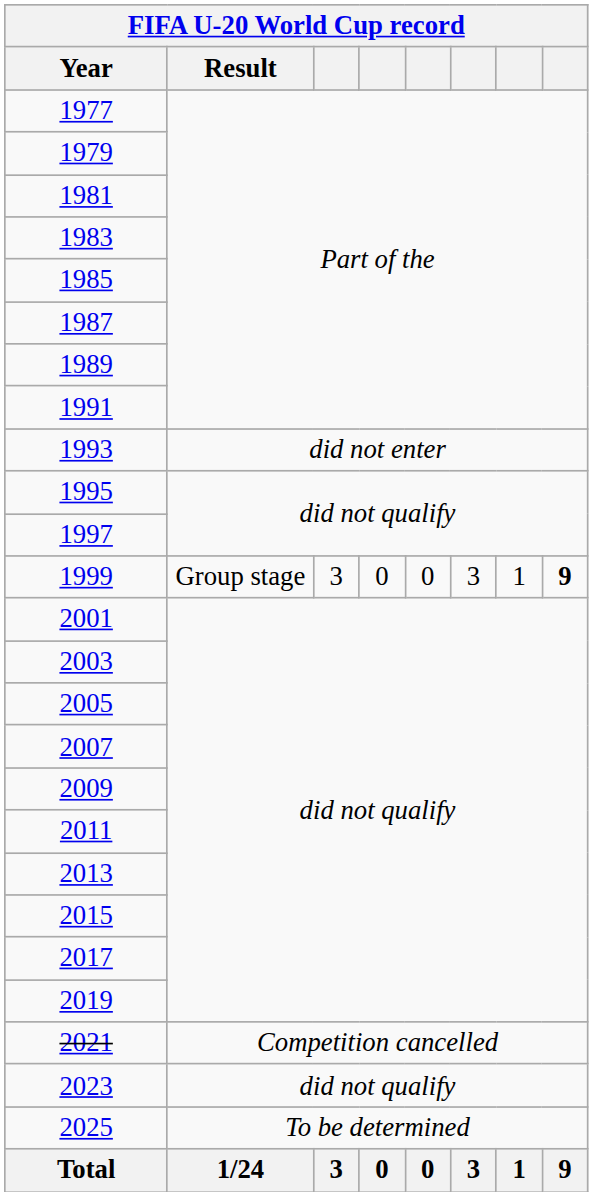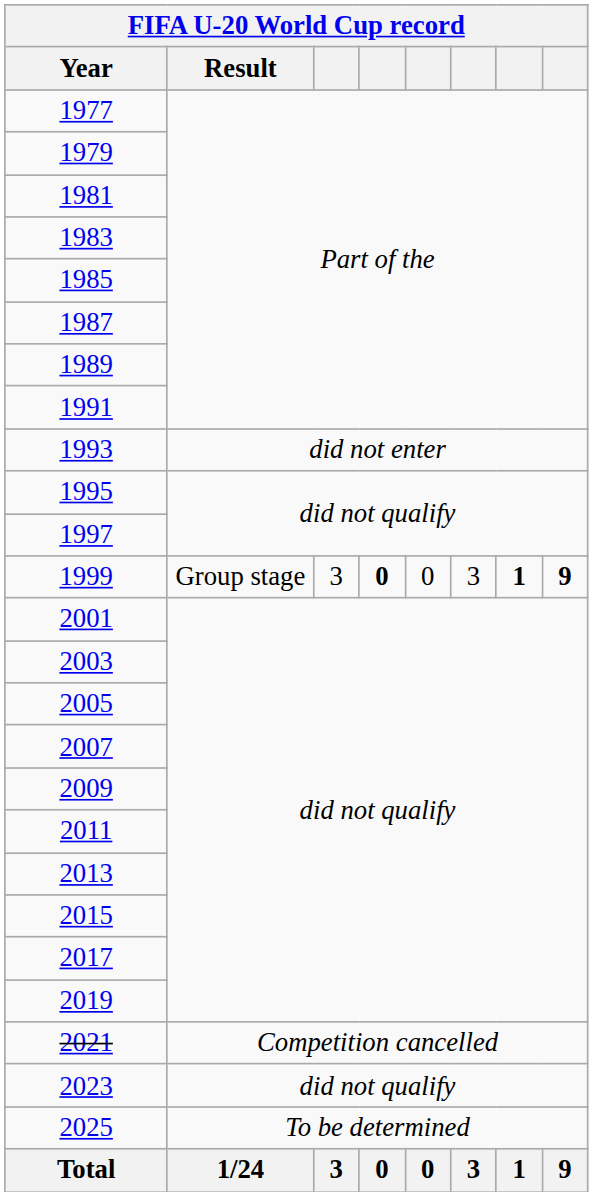 <table class="wikitable" style="text-align: center;">
 <tr>
 <th colspan="9"><a href='#'>FIFA U-20 World Cup record</a></th>
 </tr>
 <tr>
 <th width="90">Year</th>
 <th width="80">Result</th>
 <th width="20"></th>
 <th width="20"></th>
 <th width="20"></th>
 <th width="20"></th>
 <th width="20"></th>
 <th width="20"></th>
 </tr>
 <tr>
 <td> <a href='#'>1977</a></td>
 <td rowspan=8 colspan=8><em>Part of the </em></td>
 </tr>
 <tr>
 <td> <a href='#'>1979</a></td>
 </tr>
 <tr>
 <td> <a href='#'>1981</a></td>
 </tr>
 <tr>
 <td> <a href='#'>1983</a></td>
 </tr>
 <tr>
 <td> <a href='#'>1985</a></td>
 </tr>
 <tr>
 <td> <a href='#'>1987</a></td>
 </tr>
 <tr>
 <td> <a href='#'>1989</a></td>
 </tr>
 <tr>
 <td> <a href='#'>1991</a></td>
 </tr>
 <tr>
 <td> <a href='#'>1993</a></td>
 <td colspan=8><em>did not enter</em></td>
 </tr>
 <tr>
 <td> <a href='#'>1995</a></td>
 <td rowspan=2 colspan=8><em>did not qualify</em></td>
 </tr>
 <tr>
 <td> <a href='#'>1997</a></td>
 </tr>
 <tr>
 <td> <a href='#'>1999</a></td>
 <td>Group stage</td>
 <td>3</td>
-<td>0</td>
+<td><strong>0</strong></td>
 <td>0</td>
 <td>3</td>
-<td>1</td>
+<td><strong>1</strong></td>
 <td><strong>9</strong></td>
 </tr>
 <tr>
 <td> <a href='#'>2001</a></td>
 <td rowspan=10 colspan=8><em>did not qualify</em></td>
 </tr>
 <tr>
 <td> <a href='#'>2003</a></td>
 </tr>
 <tr>
 <td> <a href='#'>2005</a></td>
 </tr>
 <tr>
 <td> <a href='#'>2007</a></td>
 </tr>
 <tr>
 <td> <a href='#'>2009</a></td>
 </tr>
 <tr>
 <td> <a href='#'>2011</a></td>
 </tr>
 <tr>
 <td> <a href='#'>2013</a></td>
 </tr>
 <tr>
 <td> <a href='#'>2015</a></td>
 </tr>
 <tr>
 <td> <a href='#'>2017</a></td>
 </tr>
 <tr>
 <td> <a href='#'>2019</a></td>
 </tr>
 <tr>
 <td> <s><a href='#'>2021</a></s></td>
 <td colspan=8><em>Competition cancelled</em></td>
 </tr>
 <tr>
 <td> <a href='#'>2023</a></td>
 <td colspan=8><em>did not qualify</em></td>
 </tr>
 <tr>
 <td> <a href='#'>2025</a></td>
 <td colspan=8><em>To be determined</em></td>
 </tr>
 <tr>
 <th><strong>Total</strong></th>
 <th>1/24</th>
 <th>3</th>
 <th>0</th>
 <th>0</th>
 <th>3</th>
 <th>1</th>
 <th>9</th>
 </tr>
 </table>
